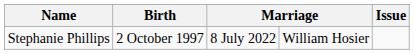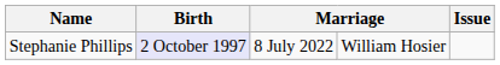 <table class="wikitable">
 <tr>
 <th>Name</th>
 <th>Birth</th>
 <th colspan="2">Marriage</th>
 <th>Issue</th>
 </tr>
 <tr>
 <td>Stephanie Phillips</td>
-<td>2 October 1997</td>
+<td style="background: lavender;">2 October 1997</td>
 <td>8 July 2022</td>
 <td>William Hosier</td>
 <td></td>
 </tr>
 </table>
